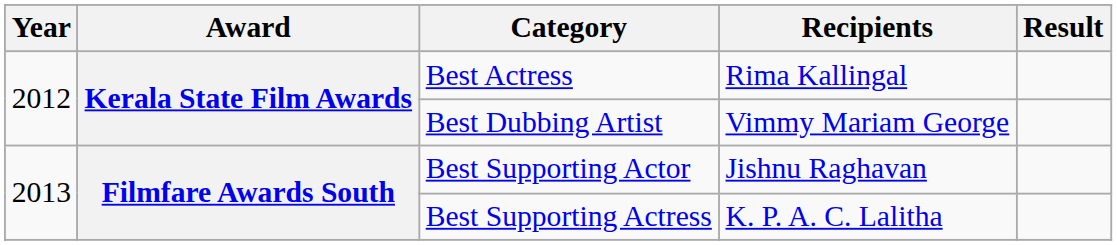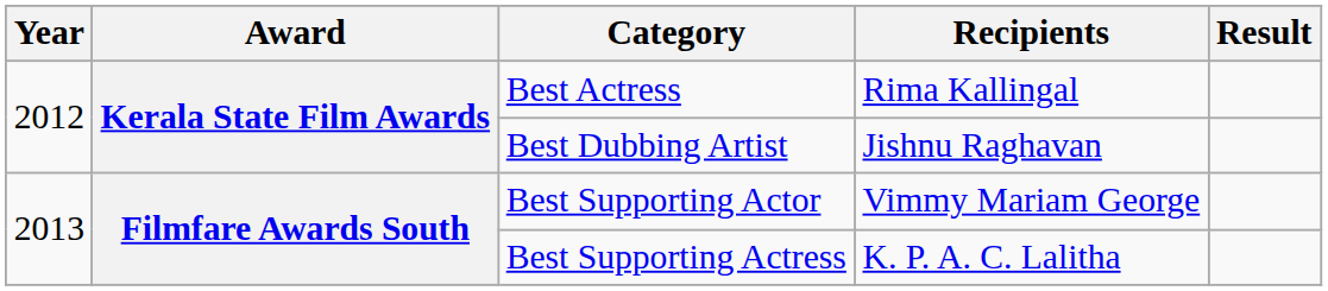 <table class="wikitable plainrowheaders sortable">
 <tr>
 <th scope="col">Year</th>
 <th scope="col">Award</th>
 <th scope="col">Category</th>
 <th scope="col">Recipients</th>
 <th scope="col">Result</th>
 </tr>
 <tr>
 <td rowspan="2">2012</td>
 <th scope="row" rowspan="2"><a href='#'>Kerala State Film Awards</a></th>
 <td><a href='#'>Best Actress</a></td>
 <td><a href='#'>Rima Kallingal</a></td>
 <td></td>
 </tr>
 <tr>
 <td><a href='#'>Best Dubbing Artist</a></td>
-<td><a href='#'>Vimmy Mariam George</a></td>
+<td><a href='#'>Jishnu Raghavan</a></td>
 <td></td>
 </tr>
 <tr>
 <td rowspan="2">2013</td>
 <th scope="row" rowspan="2"><a href='#'>Filmfare Awards South</a></th>
 <td><a href='#'>Best Supporting Actor</a></td>
-<td><a href='#'>Jishnu Raghavan</a></td>
+<td><a href='#'>Vimmy Mariam George</a></td>
 <td></td>
 </tr>
 <tr>
 <td><a href='#'>Best Supporting Actress</a></td>
 <td><a href='#'>K. P. A. C. Lalitha</a></td>
 <td></td>
 </tr>
 </table>
